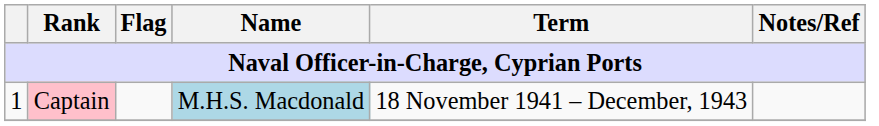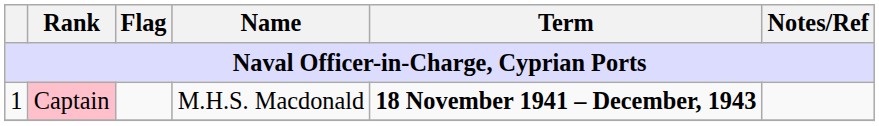 <table class="wikitable">
 <tr>
 <th></th>
 <th>Rank</th>
 <th>Flag</th>
 <th>Name</th>
 <th>Term</th>
 <th>Notes/Ref</th>
 </tr>
 <tr>
 <td colspan="6" align="center" style="background:#dcdcfe;"><strong>Naval Officer-in-Charge, Cyprian Ports</strong></td>
 </tr>
 <tr>
 <td>1</td>
 <td style="background: pink;">Captain</td>
 <td></td>
-<td style="background: lightblue;">M.H.S. Macdonald</td>
-<td>18 November 1941 – December, 1943</td>
+<td>M.H.S. Macdonald</td>
+<td><strong>18 November 1941 – December, 1943</strong></td>
 <td></td>
 </tr>
 <tr>
 </tr>
 </table>
